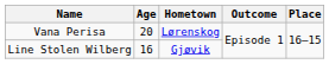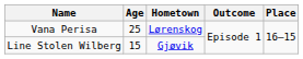 <table class="wikitable sortable" style="text-align:center;">
 <tr>
 <th>Name</th>
 <th>Age</th>
 <th>Hometown</th>
 <th>Outcome</th>
 <th>Place</th>
 </tr>
 <tr>
 <td>Vana Perisa</td>
-<td>20</td>
+<td>25</td>
 <td><a href='#'>Lørenskog</a></td>
 <td rowspan="2">Episode 1</td>
 <td rowspan="2">16–15</td>
 </tr>
 <tr>
 <td>Line Stolen Wilberg</td>
-<td>16</td>
+<td>15</td>
 <td><a href='#'>Gjøvik</a></td>
 </tr>
 </table>
